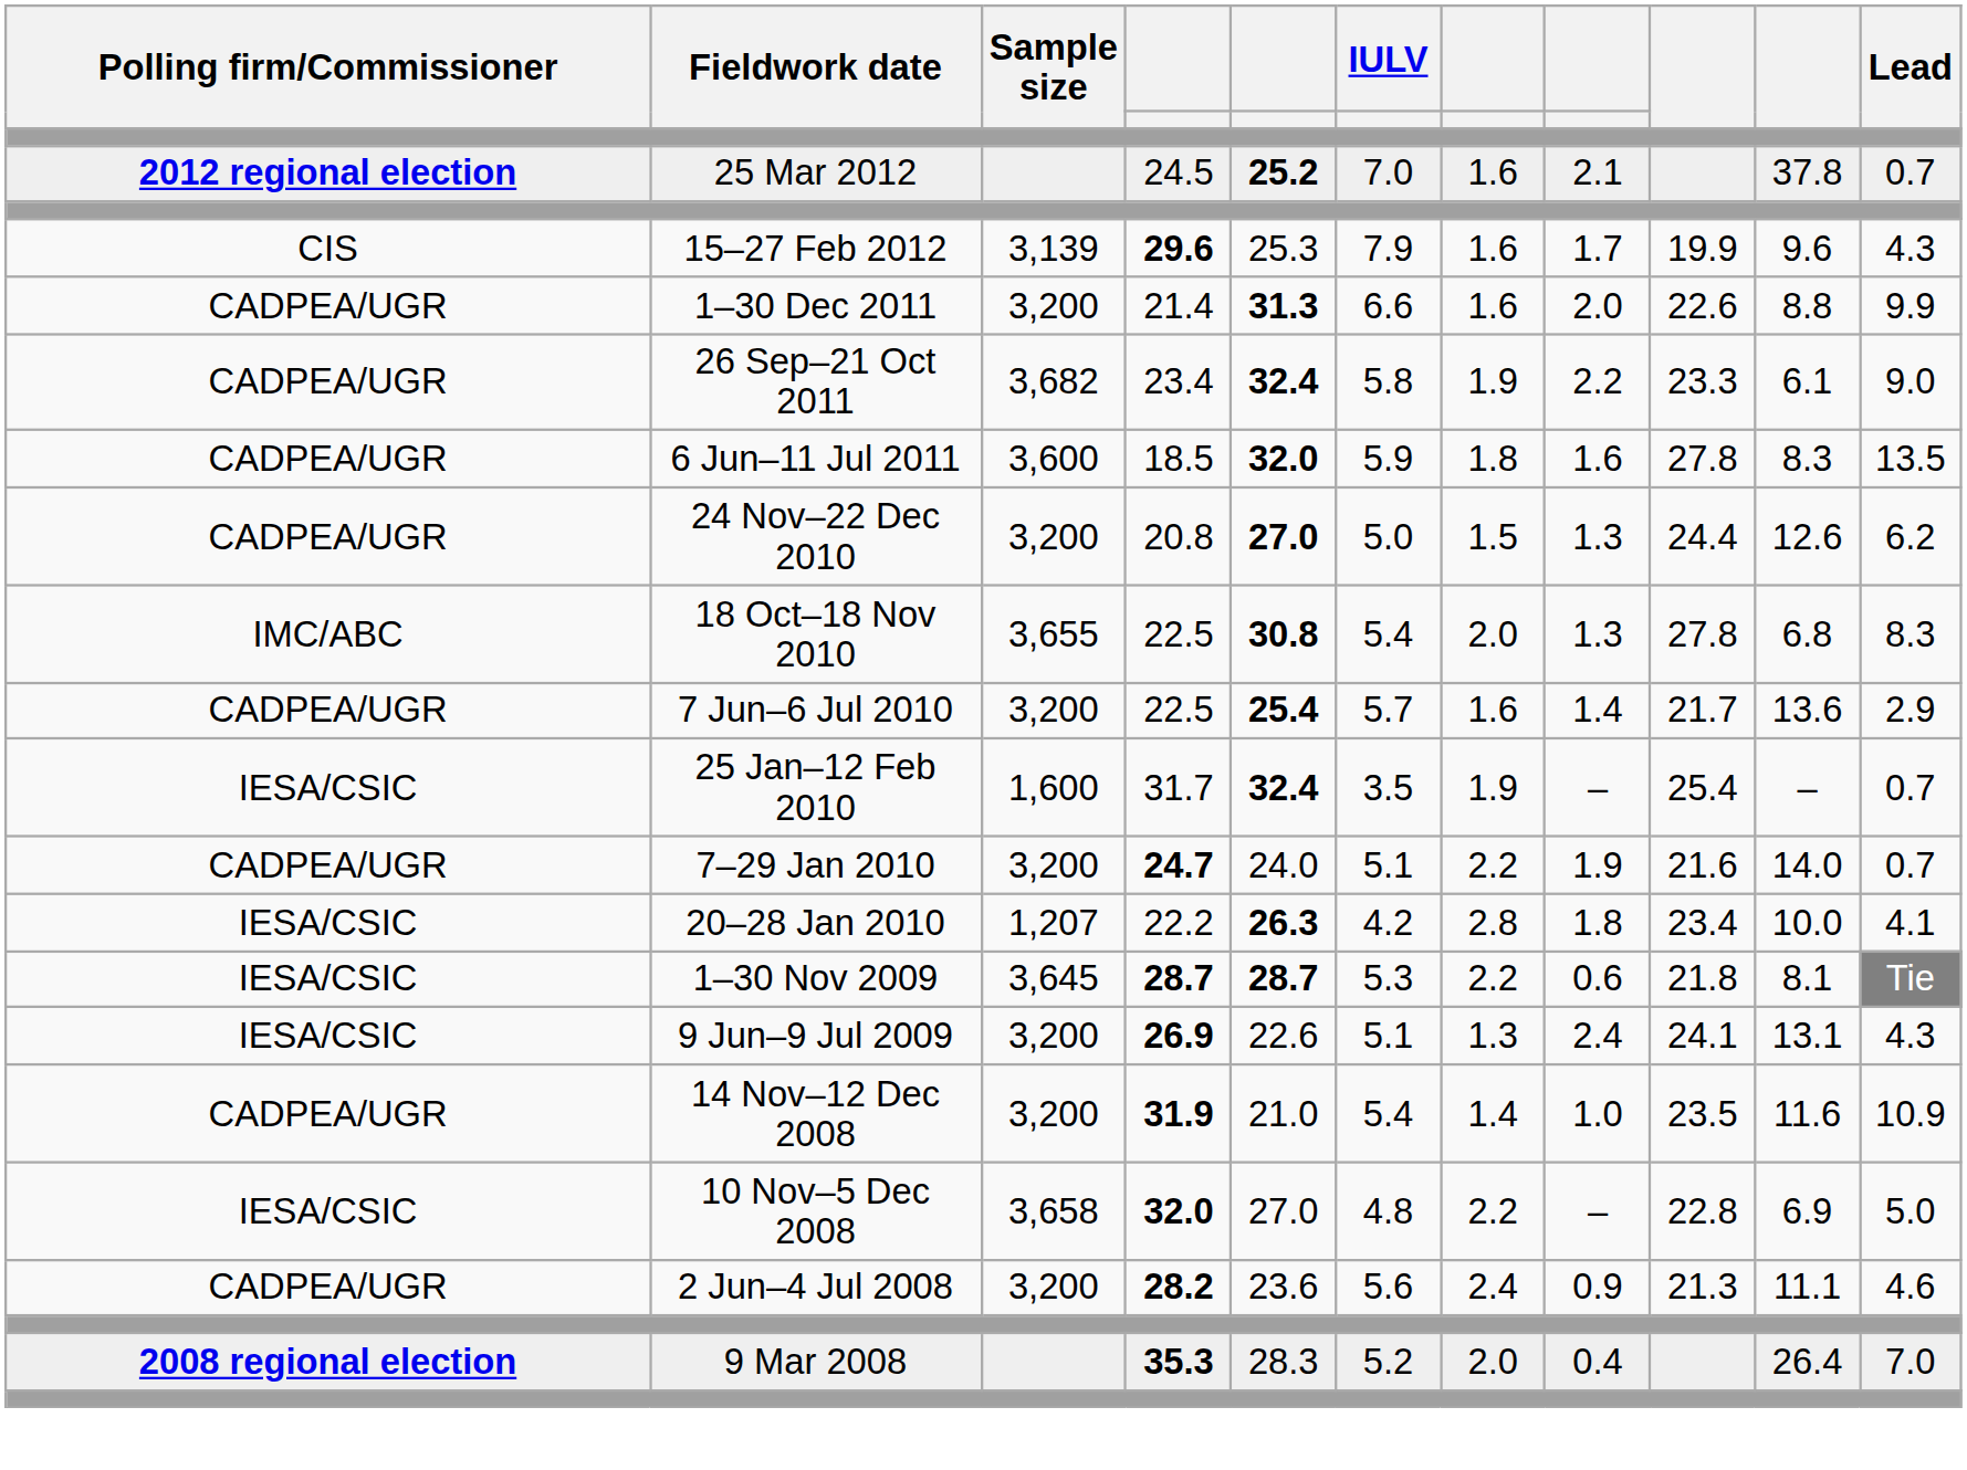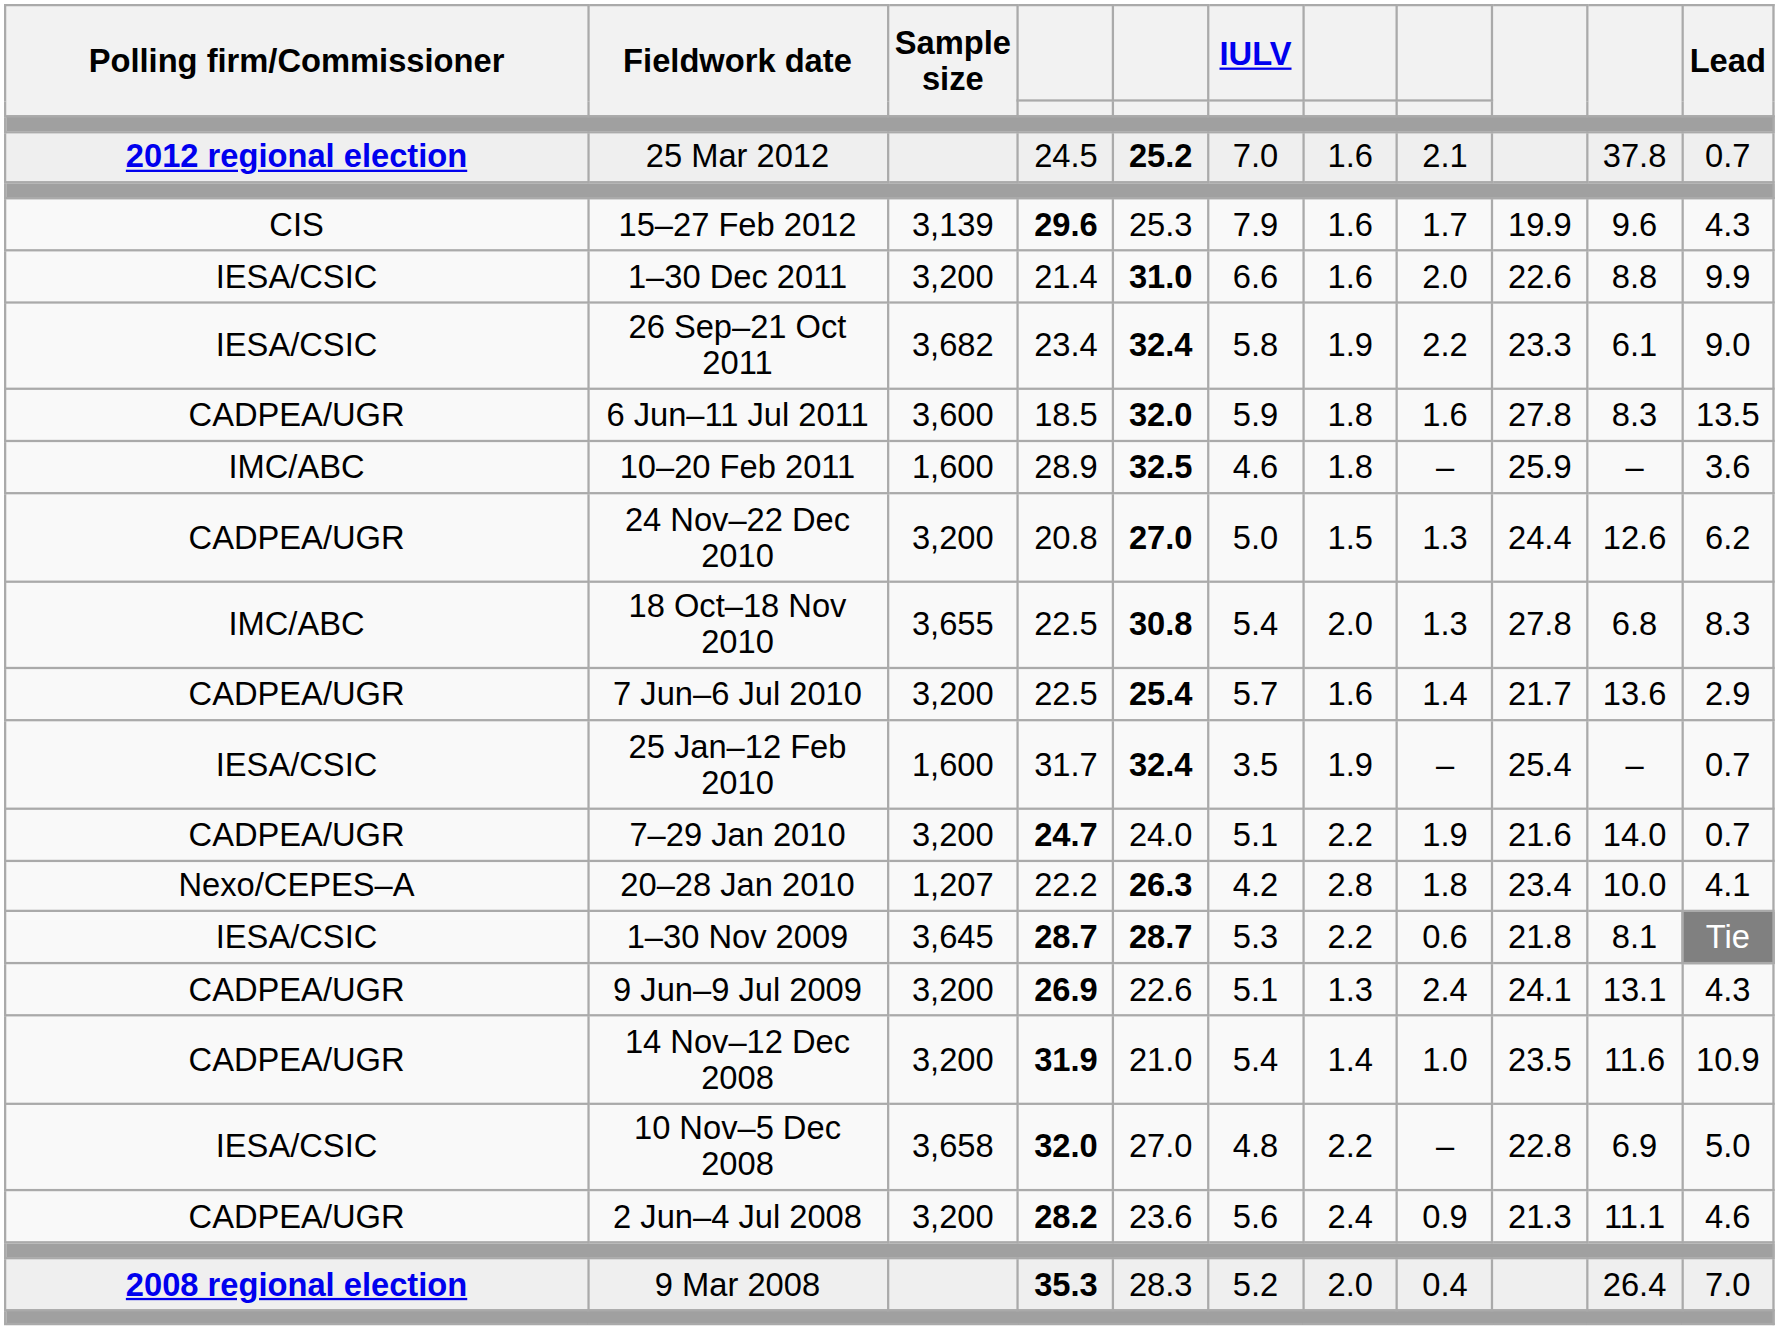 <table class="wikitable collapsible collapsed" style="text-align:center; font-size:90%; line-height:16px;">
 <tr style="height:42px;">
 <th style="width:250px;" rowspan="2">Polling firm/Commissioner</th>
 <th style="width:125px;" rowspan="2">Fieldwork date</th>
 <th style="width:50px;" rowspan="2">Sample size</th>
 <th style="width:35px;"></th>
 <th style="width:35px;"></th>
 <th style="width:35px;"><a href='#'>IULV</a></th>
 <th style="width:35px;"></th>
 <th style="width:35px;"></th>
 <th style="width:35px;" rowspan="2"></th>
 <th style="width:35px;" rowspan="2"></th>
 <th style="width:30px;" rowspan="2">Lead</th>
 </tr>
 <tr>
 <th style="color:inherit;background:"></th>
 <th style="color:inherit;background:"></th>
 <th style="color:inherit;background:"></th>
 <th style="color:inherit;background:"></th>
 <th style="color:inherit;background:"></th>
 </tr>
 <tr>
 <td colspan="11" style="background:#A0A0A0"></td>
 </tr>
 <tr style="background:#EFEFEF;">
 <td><strong><a href='#'>2012 regional election</a></strong></td>
 <td>25 Mar 2012</td>
 <td></td>
 <td>24.5</td>
 <td><strong>25.2</strong></td>
 <td>7.0</td>
 <td>1.6</td>
 <td>2.1</td>
 <td></td>
 <td>37.8</td>
 <td style="background:">0.7</td>
 </tr>
 <tr>
 <td colspan="11" style="background:#A0A0A0"></td>
 </tr>
 <tr>
 <td>CIS</td>
 <td>15–27 Feb 2012</td>
 <td>3,139</td>
 <td><strong>29.6</strong></td>
 <td>25.3</td>
 <td>7.9</td>
 <td>1.6</td>
 <td>1.7</td>
 <td>19.9</td>
 <td>9.6</td>
 <td style="background:">4.3</td>
 </tr>
 <tr>
-<td>CADPEA/UGR</td>
+<td>IESA/CSIC</td>
 <td>1–30 Dec 2011</td>
 <td>3,200</td>
 <td>21.4</td>
-<td><strong>31.3</strong></td>
+<td><strong>31.0</strong></td>
 <td>6.6</td>
 <td>1.6</td>
 <td>2.0</td>
 <td>22.6</td>
 <td>8.8</td>
 <td style="background:">9.9</td>
 </tr>
 <tr>
-<td>CADPEA/UGR</td>
+<td>IESA/CSIC</td>
 <td>26 Sep–21 Oct 2011</td>
 <td>3,682</td>
 <td>23.4</td>
 <td><strong>32.4</strong></td>
 <td>5.8</td>
 <td>1.9</td>
 <td>2.2</td>
 <td>23.3</td>
 <td>6.1</td>
 <td style="background:">9.0</td>
 </tr>
 <tr>
 <td>CADPEA/UGR</td>
 <td>6 Jun–11 Jul 2011</td>
 <td>3,600</td>
 <td>18.5</td>
 <td><strong>32.0</strong></td>
 <td>5.9</td>
 <td>1.8</td>
 <td>1.6</td>
 <td>27.8</td>
 <td>8.3</td>
 <td style="background:">13.5</td>
+</tr>
+<tr>
+<td>IMC/ABC</td>
+<td>10–20 Feb 2011</td>
+<td>1,600</td>
+<td>28.9</td>
+<td><strong>32.5</strong></td>
+<td>4.6</td>
+<td>1.8</td>
+<td>–</td>
+<td>25.9</td>
+<td>–</td>
+<td style="background:">3.6</td>
 </tr>
 <tr>
 <td>CADPEA/UGR</td>
 <td>24 Nov–22 Dec 2010</td>
 <td>3,200</td>
 <td>20.8</td>
 <td><strong>27.0</strong></td>
 <td>5.0</td>
 <td>1.5</td>
 <td>1.3</td>
 <td>24.4</td>
 <td>12.6</td>
 <td style="background:">6.2</td>
 </tr>
 <tr>
 <td>IMC/ABC</td>
 <td>18 Oct–18 Nov 2010</td>
 <td>3,655</td>
 <td>22.5</td>
 <td><strong>30.8</strong></td>
 <td>5.4</td>
 <td>2.0</td>
 <td>1.3</td>
 <td>27.8</td>
 <td>6.8</td>
 <td style="background:">8.3</td>
 </tr>
 <tr>
 <td>CADPEA/UGR</td>
 <td>7 Jun–6 Jul 2010</td>
 <td>3,200</td>
 <td>22.5</td>
 <td><strong>25.4</strong></td>
 <td>5.7</td>
 <td>1.6</td>
 <td>1.4</td>
 <td>21.7</td>
 <td>13.6</td>
 <td style="background:">2.9</td>
 </tr>
 <tr>
 <td>IESA/CSIC</td>
 <td>25 Jan–12 Feb 2010</td>
 <td>1,600</td>
 <td>31.7</td>
 <td><strong>32.4</strong></td>
 <td>3.5</td>
 <td>1.9</td>
 <td>–</td>
 <td>25.4</td>
 <td>–</td>
 <td style="background:">0.7</td>
 </tr>
 <tr>
 <td>CADPEA/UGR</td>
 <td>7–29 Jan 2010</td>
 <td>3,200</td>
 <td><strong>24.7</strong></td>
 <td>24.0</td>
 <td>5.1</td>
 <td>2.2</td>
 <td>1.9</td>
 <td>21.6</td>
 <td>14.0</td>
 <td style="background:">0.7</td>
 </tr>
 <tr>
-<td>IESA/CSIC</td>
+<td>Nexo/CEPES–A</td>
 <td>20–28 Jan 2010</td>
 <td>1,207</td>
 <td>22.2</td>
 <td><strong>26.3</strong></td>
 <td>4.2</td>
 <td>2.8</td>
 <td>1.8</td>
 <td>23.4</td>
 <td>10.0</td>
 <td style="background:">4.1</td>
 </tr>
 <tr>
 <td>IESA/CSIC</td>
 <td>1–30 Nov 2009</td>
 <td>3,645</td>
 <td><strong>28.7</strong></td>
 <td><strong>28.7</strong></td>
 <td>5.3</td>
 <td>2.2</td>
 <td>0.6</td>
 <td>21.8</td>
 <td>8.1</td>
 <td style="background:gray; color:white;">Tie</td>
 </tr>
 <tr>
-<td>IESA/CSIC</td>
+<td>CADPEA/UGR</td>
 <td>9 Jun–9 Jul 2009</td>
 <td>3,200</td>
 <td><strong>26.9</strong></td>
 <td>22.6</td>
 <td>5.1</td>
 <td>1.3</td>
 <td>2.4</td>
 <td>24.1</td>
 <td>13.1</td>
 <td style="background:">4.3</td>
 </tr>
 <tr>
 <td>CADPEA/UGR</td>
 <td>14 Nov–12 Dec 2008</td>
 <td>3,200</td>
 <td><strong>31.9</strong></td>
 <td>21.0</td>
 <td>5.4</td>
 <td>1.4</td>
 <td>1.0</td>
 <td>23.5</td>
 <td>11.6</td>
 <td style="background:">10.9</td>
 </tr>
 <tr>
 <td>IESA/CSIC</td>
 <td>10 Nov–5 Dec 2008</td>
 <td>3,658</td>
 <td><strong>32.0</strong></td>
 <td>27.0</td>
 <td>4.8</td>
 <td>2.2</td>
 <td>–</td>
 <td>22.8</td>
 <td>6.9</td>
 <td style="background:">5.0</td>
 </tr>
 <tr>
 <td>CADPEA/UGR</td>
 <td>2 Jun–4 Jul 2008</td>
 <td>3,200</td>
 <td><strong>28.2</strong></td>
 <td>23.6</td>
 <td>5.6</td>
 <td>2.4</td>
 <td>0.9</td>
 <td>21.3</td>
 <td>11.1</td>
 <td style="background:">4.6</td>
 </tr>
 <tr>
 <td colspan="11" style="background:#A0A0A0"></td>
 </tr>
 <tr style="background:#EFEFEF;">
 <td><strong><a href='#'>2008 regional election</a></strong></td>
 <td>9 Mar 2008</td>
 <td></td>
 <td><strong>35.3</strong></td>
 <td>28.3</td>
 <td>5.2</td>
 <td>2.0</td>
 <td>0.4</td>
 <td></td>
 <td>26.4</td>
 <td style="background:">7.0</td>
 </tr>
 <tr>
 <td colspan="11" style="background:#A0A0A0"></td>
 </tr>
 </table>
